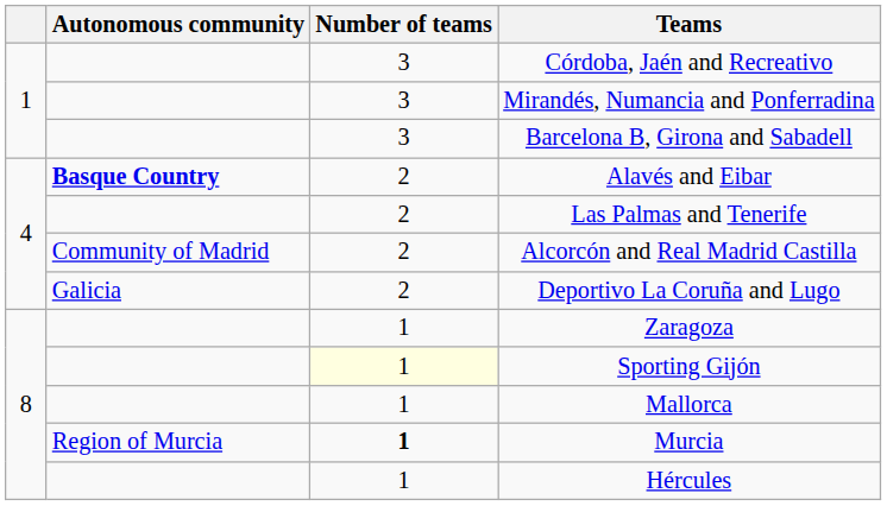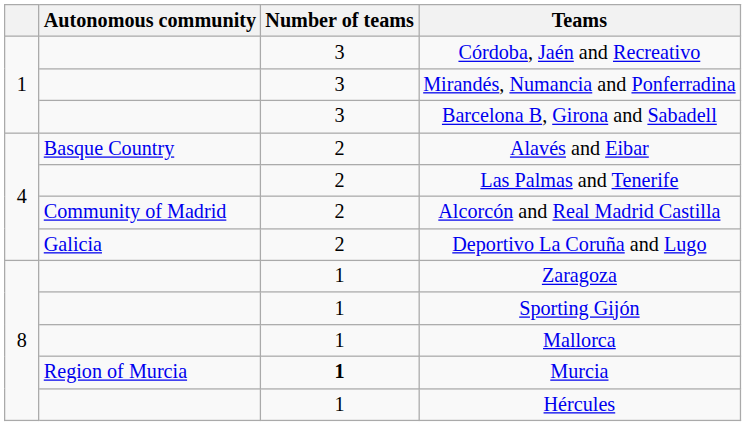 <table class="wikitable">
 <tr>
 <th width=20></th>
 <th>Autonomous community</th>
 <th>Number of teams</th>
 <th>Teams</th>
 </tr>
 <tr>
 <td align=center rowspan=3>1</td>
 <td></td>
 <td align=center>3</td>
 <td align=center><a href='#'>Córdoba</a>, <a href='#'>Jaén</a> and <a href='#'>Recreativo</a></td>
 </tr>
 <tr>
 <td></td>
 <td align=center>3</td>
 <td align=center><a href='#'>Mirandés</a>, <a href='#'>Numancia</a> and <a href='#'>Ponferradina</a></td>
 </tr>
 <tr>
 <td></td>
 <td align=center>3</td>
 <td align=center><a href='#'>Barcelona B</a>, <a href='#'>Girona</a> and <a href='#'>Sabadell</a></td>
 </tr>
 <tr>
 <td align=center rowspan=4>4</td>
-<td><strong> <a href='#'>Basque Country</a></strong></td>
+<td> <a href='#'>Basque Country</a></td>
 <td align=center>2</td>
 <td align=center><a href='#'>Alavés</a> and <a href='#'>Eibar</a></td>
 </tr>
 <tr>
 <td></td>
 <td align=center>2</td>
 <td align=center><a href='#'>Las Palmas</a> and <a href='#'>Tenerife</a></td>
 </tr>
 <tr>
 <td> <a href='#'>Community of Madrid</a></td>
 <td align=center>2</td>
 <td align=center><a href='#'>Alcorcón</a> and <a href='#'>Real Madrid Castilla</a></td>
 </tr>
 <tr>
 <td> <a href='#'>Galicia</a></td>
 <td align=center>2</td>
 <td align=center><a href='#'>Deportivo La Coruña</a> and <a href='#'>Lugo</a></td>
 </tr>
 <tr>
 <td align=center rowspan=5>8</td>
 <td></td>
 <td align=center>1</td>
 <td align=center><a href='#'>Zaragoza</a></td>
 </tr>
 <tr>
 <td></td>
-<td align=center style="background: lightyellow;">1</td>
+<td align=center>1</td>
 <td align=center><a href='#'>Sporting Gijón</a></td>
 </tr>
 <tr>
 <td></td>
 <td align=center>1</td>
 <td align=center><a href='#'>Mallorca</a></td>
 </tr>
 <tr>
 <td> <a href='#'>Region of Murcia</a></td>
 <td align=center><strong>1</strong></td>
 <td align=center><a href='#'>Murcia</a></td>
 </tr>
 <tr>
 <td></td>
 <td align=center>1</td>
 <td align=center><a href='#'>Hércules</a></td>
 </tr>
 </table>
